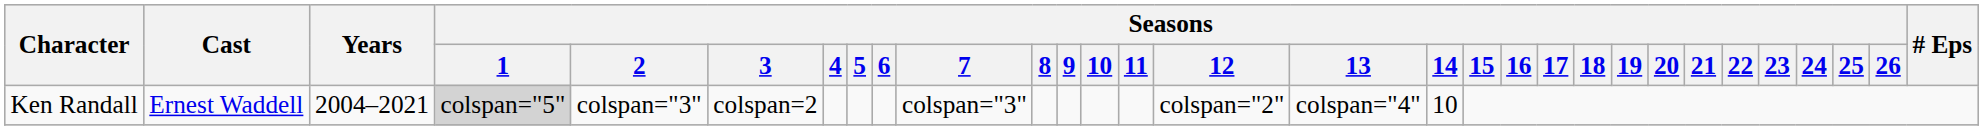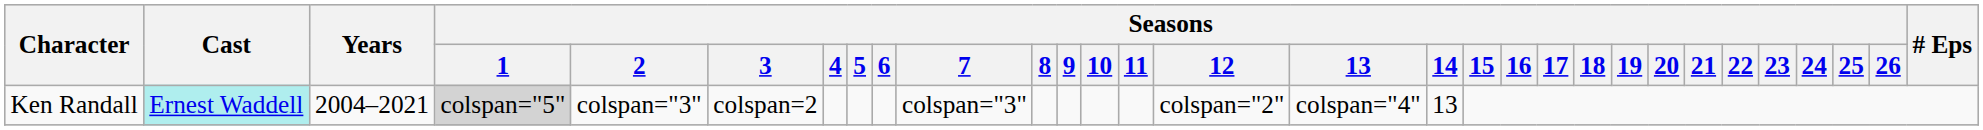 <table class="wikitable">
 <tr>
 <th rowspan="2">Character</th>
 <th rowspan="2">Cast</th>
 <th rowspan="2">Years</th>
 <th colspan="26">Seasons</th>
 <th rowspan="2"># Eps</th>
 </tr>
 <tr>
 <th><a href='#'>1</a></th>
 <th><a href='#'>2</a></th>
 <th><a href='#'>3</a></th>
 <th><a href='#'>4</a></th>
 <th><a href='#'>5</a></th>
 <th><a href='#'>6</a></th>
 <th><a href='#'>7</a></th>
 <th><a href='#'>8</a></th>
 <th><a href='#'>9</a></th>
 <th><a href='#'>10</a></th>
 <th><a href='#'>11</a></th>
 <th><a href='#'>12</a></th>
 <th><a href='#'>13</a></th>
 <th><a href='#'>14</a></th>
 <th><a href='#'>15</a></th>
 <th><a href='#'>16</a></th>
 <th><a href='#'>17</a></th>
 <th><a href='#'>18</a></th>
 <th><a href='#'>19</a></th>
 <th><a href='#'>20</a></th>
 <th><a href='#'>21</a></th>
 <th><a href='#'>22</a></th>
 <th><a href='#'>23</a></th>
 <th><a href='#'>24</a></th>
 <th><a href='#'>25</a></th>
 <th><a href='#'>26</a></th>
 </tr>
 <tr>
 <td>Ken Randall</td>
-<td><a href='#'>Ernest Waddell</a></td>
+<td style="background: paleturquoise;"><a href='#'>Ernest Waddell</a></td>
 <td>2004–2021</td>
 <td style="background: lightgrey;">colspan="5" </td>
 <td>colspan="3" </td>
 <td>colspan=2 </td>
 <td></td>
 <td></td>
 <td></td>
 <td>colspan="3" </td>
 <td></td>
 <td></td>
 <td></td>
 <td></td>
 <td>colspan="2" </td>
 <td>colspan="4" </td>
-<td>10</td>
+<td>13</td>
 </tr>
 </table>
